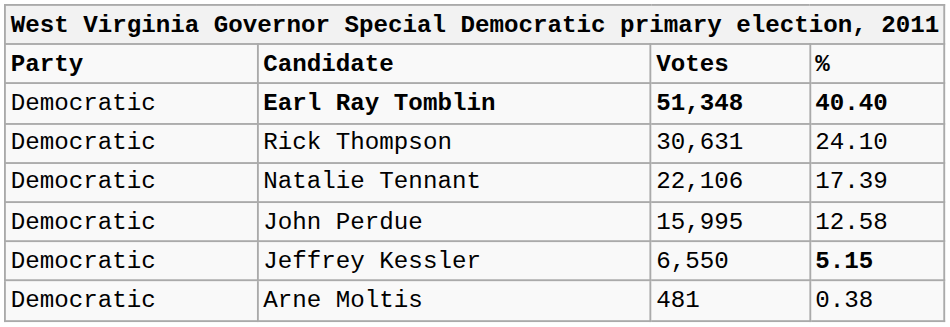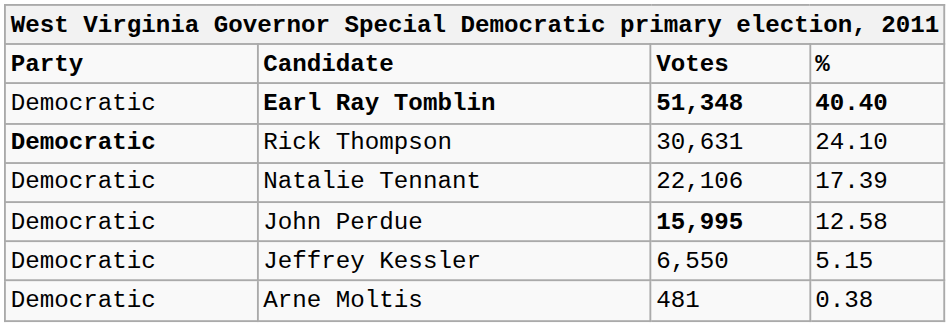 <table class="wikitable">
 <tr>
 <th colspan="4">West Virginia Governor Special Democratic primary election, 2011</th>
 </tr>
 <tr>
 <td><strong>Party</strong></td>
 <td><strong>Candidate</strong></td>
 <td><strong>Votes</strong></td>
 <td><strong>%</strong></td>
 </tr>
 <tr>
 <td>Democratic</td>
 <td><strong>Earl Ray Tomblin</strong></td>
 <td><strong>51,348</strong></td>
 <td><strong>40.40</strong></td>
 </tr>
 <tr>
-<td>Democratic</td>
+<td><strong>Democratic</strong></td>
 <td>Rick Thompson</td>
 <td>30,631</td>
 <td>24.10</td>
 </tr>
 <tr>
 <td>Democratic</td>
 <td>Natalie Tennant</td>
 <td>22,106</td>
 <td>17.39</td>
 </tr>
 <tr>
 <td>Democratic</td>
 <td>John Perdue</td>
-<td>15,995</td>
+<td><strong>15,995</strong></td>
 <td>12.58</td>
 </tr>
 <tr>
 <td>Democratic</td>
 <td>Jeffrey Kessler</td>
 <td>6,550</td>
-<td><strong>5.15</strong></td>
+<td>5.15</td>
 </tr>
 <tr>
 <td>Democratic</td>
 <td>Arne Moltis</td>
 <td>481</td>
 <td>0.38</td>
 </tr>
 </table>
